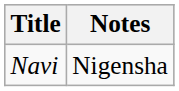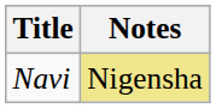 <table class="wikitable">
 <tr>
 <th>Title</th>
 <th>Notes</th>
 </tr>
 <tr>
 <td><em>Navi</em></td>
-<td>Nigensha</td>
+<td style="background: khaki;">Nigensha</td>
 </tr>
 </table>
